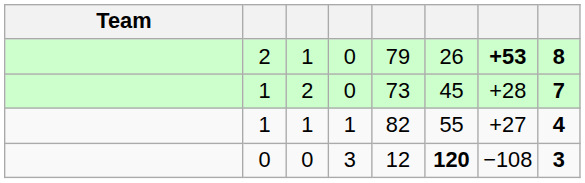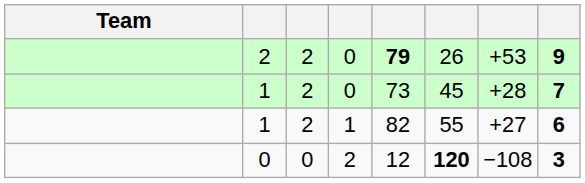 <table class="wikitable" style="text-align:center;">
 <tr>
 <th style="width:10.5em;">Team</th>
 <th style="width:1.5em;"></th>
 <th style="width:1.5em;"></th>
 <th style="width:1.5em;"></th>
 <th style="width:2.0em;"></th>
 <th style="width:2.0em;"></th>
 <th style="width:2.0em;"></th>
 <th style="width:1.5em;"></th>
 </tr>
 <tr bgcolor=#cfc>
 <td align="left"></td>
 <td>2</td>
-<td>1</td>
+<td>2</td>
 <td>0</td>
-<td>79</td>
+<td><strong>79</strong></td>
 <td>26</td>
-<td><strong>+53</strong></td>
-<td><strong>8</strong></td>
+<td>+53</td>
+<td><strong>9</strong></td>
 </tr>
 <tr bgcolor=#cfc>
 <td align="left"></td>
 <td>1</td>
 <td>2</td>
 <td>0</td>
 <td>73</td>
 <td>45</td>
 <td>+28</td>
 <td><strong>7</strong></td>
 </tr>
 <tr>
 <td align="left"></td>
 <td>1</td>
-<td>1</td>
+<td>2</td>
 <td>1</td>
 <td>82</td>
 <td>55</td>
 <td>+27</td>
-<td><strong>4</strong></td>
+<td><strong>6</strong></td>
 </tr>
 <tr>
 <td align="left"></td>
 <td>0</td>
 <td>0</td>
-<td>3</td>
+<td>2</td>
 <td>12</td>
 <td><strong>120</strong></td>
 <td>−108</td>
 <td><strong>3</strong></td>
 </tr>
 </table>
